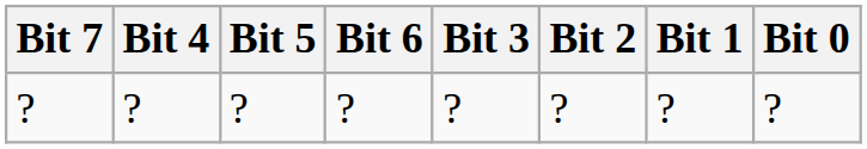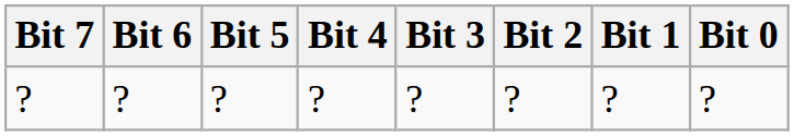 <table class="wikitable">
 <tr>
 <th>Bit 7</th>
+<th>Bit 6</th>
+<th>Bit 5</th>
 <th>Bit 4</th>
-<th>Bit 5</th>
-<th>Bit 6</th>
 <th>Bit 3</th>
 <th>Bit 2</th>
 <th>Bit 1</th>
 <th>Bit 0</th>
 </tr>
 <tr>
 <td>?</td>
 <td>?</td>
 <td>?</td>
 <td>?</td>
 <td>?</td>
 <td>?</td>
 <td>?</td>
 <td>?</td>
 </tr>
 </table>
